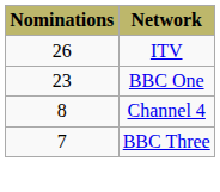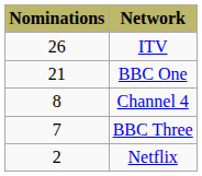 <table class="wikitable" style="text-align:center;">
 <tr>
 <th style="background:#BDB76B;">Nominations</th>
 <th style="background:#BDB76B;">Network</th>
 </tr>
 <tr>
 <td>26</td>
 <td><a href='#'>ITV</a></td>
 </tr>
 <tr>
-<td>23</td>
+<td>21</td>
 <td><a href='#'>BBC One</a></td>
 </tr>
 <tr>
 <td>8</td>
 <td><a href='#'>Channel 4</a></td>
 </tr>
 <tr>
 <td>7</td>
 <td><a href='#'>BBC Three</a></td>
 </tr>
+<tr>
+<td>2</td>
+<td><a href='#'>Netflix</a></td>
+</tr>
 </table>
